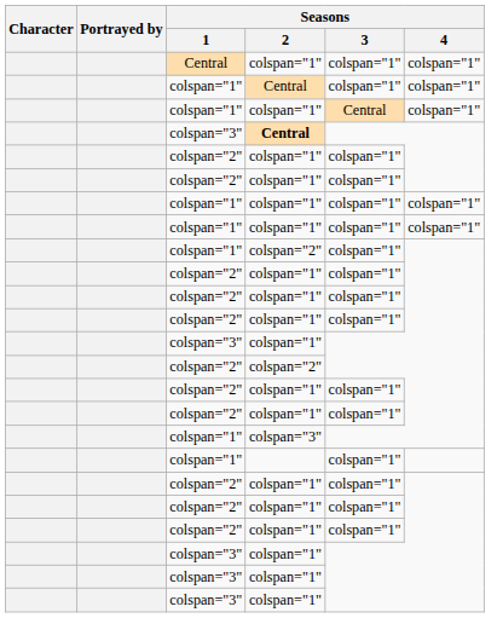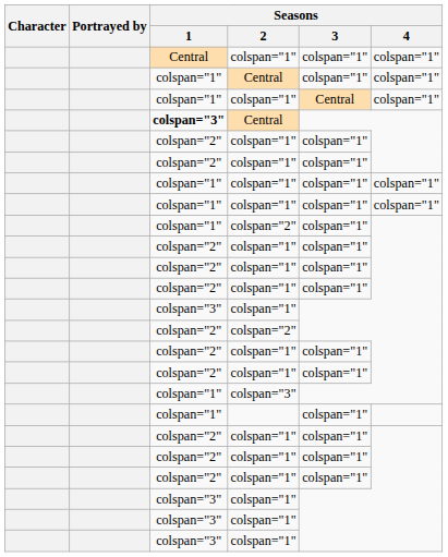 <table class="wikitable plainrowheaders" style="text-align:center">
 <tr>
 <th ! scope="col" rowspan="2">Character</th>
 <th scope="col" rowspan="2">Portrayed by</th>
 <th scope="col" colspan="9" class="unsortable">Seasons</th>
 </tr>
 <tr>
 <th scope="col">1</th>
 <th scope="col">2</th>
 <th scope="col">3</th>
 <th scope="col">4</th>
 </tr>
 <tr>
 <th scope="row"></th>
 <th scope="row"></th>
 <td style="background:#ffdead;">Central</td>
 <td>colspan="1" </td>
 <td>colspan="1" </td>
 <td>colspan="1" </td>
 </tr>
 <tr>
 <th scope="row"></th>
 <th scope="row"></th>
 <td>colspan="1" </td>
 <td style="background:#ffdead;">Central</td>
 <td>colspan="1" </td>
 <td>colspan="1" </td>
 </tr>
 <tr>
 <th scope="row"></th>
 <th scope="row"></th>
 <td>colspan="1" </td>
 <td>colspan="1" </td>
 <td style="background:#ffdead;">Central</td>
 <td>colspan="1" </td>
 </tr>
 <tr>
 <th scope="row"></th>
 <th scope="row"></th>
-<td>colspan="3" </td>
-<td style="background:#ffdead;"><strong>Central</strong></td>
+<td><strong>colspan="3" </strong></td>
+<td style="background:#ffdead;">Central</td>
 </tr>
 <tr>
 <th scope="row"></th>
 <th scope="row"></th>
 <td>colspan="2" </td>
 <td>colspan="1" </td>
 <td>colspan="1" </td>
 </tr>
 <tr>
 <th scope="row"></th>
 <th scope="row"></th>
 <td>colspan="2" </td>
 <td>colspan="1" </td>
 <td>colspan="1" </td>
 </tr>
 <tr>
 <th scope="row"></th>
 <th scope="row"></th>
 <td>colspan="1" </td>
 <td>colspan="1" </td>
 <td>colspan="1" </td>
 <td>colspan="1" </td>
 </tr>
 <tr>
 <th scope="row"></th>
 <th scope="row"></th>
 <td>colspan="1" </td>
 <td>colspan="1" </td>
 <td>colspan="1" </td>
 <td>colspan="1" </td>
 </tr>
 <tr>
 <th scope="row"></th>
 <th scope="row"></th>
 <td>colspan="1" </td>
 <td>colspan="2" </td>
 <td>colspan="1" </td>
 </tr>
 <tr>
 <th scope="row"></th>
 <th scope="row"></th>
 <td>colspan="2" </td>
 <td>colspan="1" </td>
 <td>colspan="1" </td>
 </tr>
 <tr>
 <th scope="row"></th>
 <th scope="row"></th>
 <td>colspan="2" </td>
 <td>colspan="1" </td>
 <td>colspan="1" </td>
 </tr>
 <tr>
 <th scope="row"></th>
 <th scope="row"></th>
 <td>colspan="2" </td>
 <td>colspan="1" </td>
 <td>colspan="1" </td>
 </tr>
 <tr>
 <th scope="row"></th>
 <th scope="row"></th>
 <td>colspan="3" </td>
 <td>colspan="1" </td>
 </tr>
 <tr>
 <th scope="row"></th>
 <th scope="row"></th>
 <td>colspan="2" </td>
 <td>colspan="2" </td>
 </tr>
 <tr>
 <th scope="row"></th>
 <th scope="row"></th>
 <td>colspan="2" </td>
 <td>colspan="1" </td>
 <td>colspan="1" </td>
 </tr>
 <tr>
 <th scope="row"></th>
 <th scope="row"></th>
 <td>colspan="2" </td>
 <td>colspan="1" </td>
 <td>colspan="1" </td>
 </tr>
 <tr>
 <th scope="row"></th>
 <th scope="row"></th>
 <td>colspan="1" </td>
 <td>colspan="3" </td>
 </tr>
 <tr>
 <th scope="row"></th>
 <th scope="row"></th>
 <td>colspan="1" </td>
 <td></td>
 <td>colspan="1" </td>
 <td></td>
 </tr>
 <tr>
 <th scope="row"></th>
 <th scope="row"></th>
 <td>colspan="2" </td>
 <td>colspan="1" </td>
 <td>colspan="1" </td>
 </tr>
 <tr>
 <th scope="row"></th>
 <th scope="row"></th>
 <td>colspan="2" </td>
 <td>colspan="1" </td>
 <td>colspan="1" </td>
 </tr>
 <tr>
 <th scope="row"></th>
 <th scope="row"></th>
 <td>colspan="2" </td>
 <td>colspan="1" </td>
 <td>colspan="1" </td>
 </tr>
 <tr>
 <th scope="row"></th>
 <th scope="row"></th>
 <td>colspan="3" </td>
 <td>colspan="1" </td>
 </tr>
 <tr>
 <th scope="row"></th>
 <th scope="row"></th>
 <td>colspan="3" </td>
 <td>colspan="1" </td>
 </tr>
 <tr>
 <th scope="row"></th>
 <th scope="row"></th>
 <td>colspan="3" </td>
 <td>colspan="1" </td>
 </tr>
 </table>
